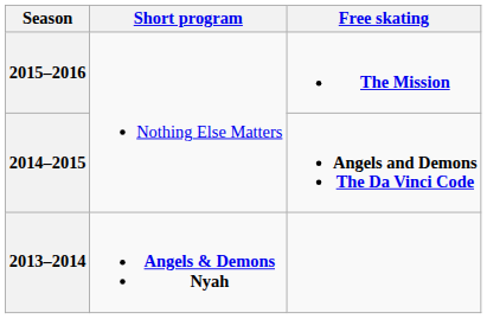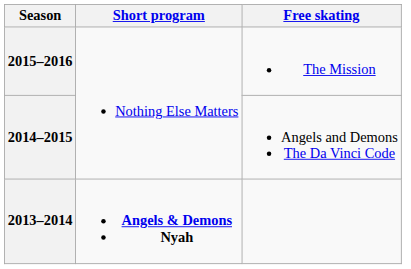 <table class=wikitable style=text-align:center>
 <tr>
 <th>Season</th>
 <th><a href='#'>Short program</a></th>
 <th><a href='#'>Free skating</a></th>
 </tr>
 <tr>
 <th>2015–2016 <br> </th>
 <td rowspan="2"><br><ul><li><a href='#'>Nothing Else Matters</a> <br></li></ul></td>
-<td><strong><br><ul><li><a href='#'>The Mission</a> <br></li></ul></strong></td>
+<td><br><ul><li><a href='#'>The Mission</a> <br></li></ul></td>
 </tr>
 <tr>
 <th>2014–2015 <br> </th>
-<td><strong><br><ul><li>Angels and Demons <br></li><li><a href='#'>The Da Vinci Code</a> <br></li></ul></strong></td>
+<td><br><ul><li>Angels and Demons <br></li><li><a href='#'>The Da Vinci Code</a> <br></li></ul></td>
 </tr>
 <tr>
 <th>2013–2014 <br> </th>
 <td><strong><br><ul><li><a href='#'>Angels & Demons</a> <br></li><li>Nyah <br></li></ul></strong></td>
 <td></td>
 </tr>
 </table>
